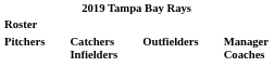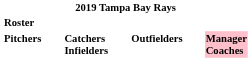 <table class="toccolours" style="font-size: 95%;">
 <tr>
 <th colspan="10">2019 Tampa Bay Rays</th>
 </tr>
 <tr>
 <td colspan="10"><strong>Roster</strong></td>
 </tr>
 <tr>
 <td valign="top"><strong>Pitchers</strong><br>                              </td>
 <td style="width:25px;"></td>
 <td valign="top"><strong>Catchers</strong><br>      <strong>Infielders</strong>              </td>
 <td style="width:25px;"></td>
 <td valign="top"><strong>Outfielders</strong><br>     </td>
 <td style="width:25px;"></td>
-<td valign="top"><strong>Manager</strong><br> <strong>Coaches</strong>                    </td>
+<td valign="top" style="background: pink;"><strong>Manager</strong><br> <strong>Coaches</strong>                    </td>
 </tr>
 </table>
